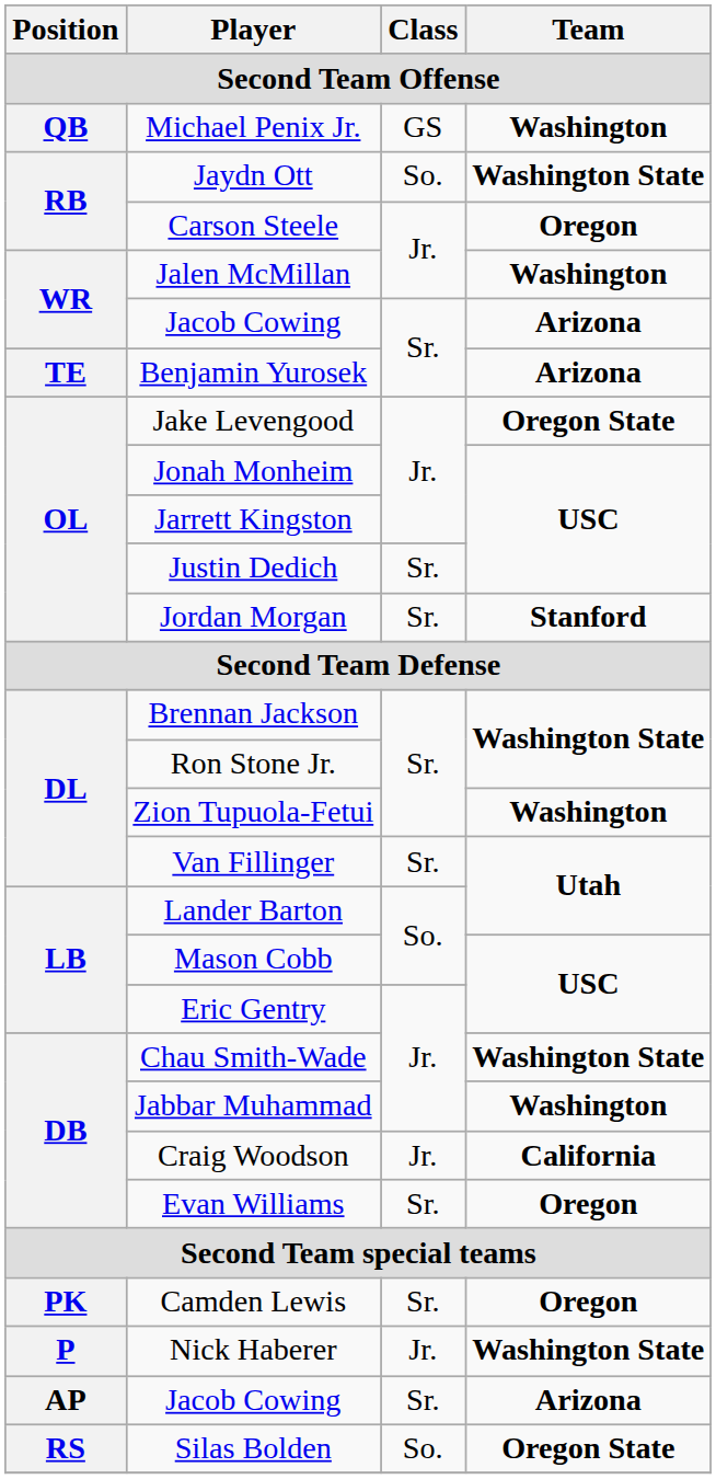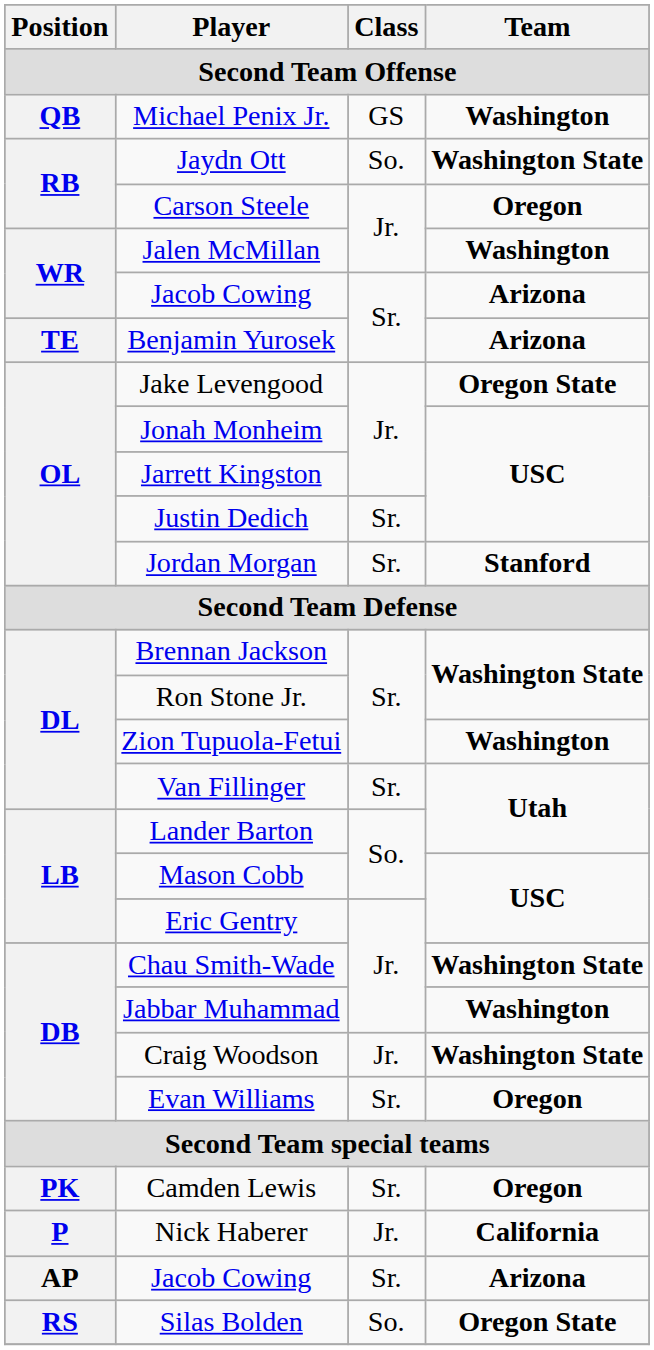 <table class="wikitable">
 <tr>
 <th>Position</th>
 <th>Player</th>
 <th>Class</th>
 <th>Team</th>
 </tr>
 <tr>
 <td colspan="4" style="text-align:center; background:#ddd;"><strong>Second Team Offense</strong></td>
 </tr>
 <tr style="text-align:center;">
 <th rowspan="1"><a href='#'>QB</a></th>
 <td><a href='#'>Michael Penix Jr.</a></td>
 <td>GS</td>
 <td><strong>Washington</strong></td>
 </tr>
 <tr style="text-align:center;">
 <th rowspan="2"><a href='#'>RB</a></th>
 <td><a href='#'>Jaydn Ott</a></td>
 <td>So.</td>
 <td><strong>Washington State</strong></td>
 </tr>
 <tr style="text-align:center;">
 <td><a href='#'>Carson Steele</a></td>
 <td rowspan="2">Jr.</td>
 <td><strong>Oregon</strong></td>
 </tr>
 <tr style="text-align:center;">
 <th rowspan="2"><a href='#'>WR</a></th>
 <td><a href='#'>Jalen McMillan</a></td>
 <td><strong>Washington</strong></td>
 </tr>
 <tr style="text-align:center;">
 <td><a href='#'>Jacob Cowing</a></td>
 <td rowspan="2">Sr.</td>
 <td><strong>Arizona</strong></td>
 </tr>
 <tr style="text-align:center;">
 <th rowspan="1"><a href='#'>TE</a></th>
 <td><a href='#'>Benjamin Yurosek</a></td>
 <td><strong>Arizona</strong></td>
 </tr>
 <tr style="text-align:center;">
 <th rowspan="5"><a href='#'>OL</a></th>
 <td>Jake Levengood</td>
 <td rowspan="3"> Jr.</td>
 <td><strong>Oregon State</strong></td>
 </tr>
 <tr style="text-align:center;">
 <td><a href='#'>Jonah Monheim</a></td>
 <td rowspan="3"><strong>USC</strong></td>
 </tr>
 <tr style="text-align:center;">
 <td><a href='#'>Jarrett Kingston</a></td>
 </tr>
 <tr style="text-align:center;">
 <td><a href='#'>Justin Dedich</a></td>
 <td> Sr.</td>
 </tr>
 <tr style="text-align:center;">
 <td><a href='#'>Jordan Morgan</a></td>
 <td>Sr.</td>
 <td><strong>Stanford</strong></td>
 </tr>
 <tr style="text-align:center;">
 <td colspan="4" style="text-align:center; background:#ddd;"><strong>Second Team Defense</strong></td>
 </tr>
 <tr style="text-align:center;">
 <th rowspan="4"><a href='#'>DL</a></th>
 <td><a href='#'>Brennan Jackson</a></td>
 <td rowspan="3"> Sr.</td>
 <td rowspan="2"><strong>Washington State</strong></td>
 </tr>
 <tr style="text-align:center;">
 <td>Ron Stone Jr.</td>
 </tr>
 <tr style="text-align:center;">
 <td><a href='#'>Zion Tupuola-Fetui</a></td>
 <td><strong>Washington</strong></td>
 </tr>
 <tr style="text-align:center;">
 <td><a href='#'>Van Fillinger</a></td>
 <td>Sr.</td>
 <td rowspan="2"><strong>Utah</strong></td>
 </tr>
 <tr style="text-align:center;">
 <th rowspan="3"><a href='#'>LB</a></th>
 <td><a href='#'>Lander Barton</a></td>
 <td rowspan="2">So.</td>
 </tr>
 <tr style="text-align:center;">
 <td><a href='#'>Mason Cobb</a></td>
 <td rowspan="2"><strong>USC</strong></td>
 </tr>
 <tr style="text-align:center;">
 <td><a href='#'>Eric Gentry</a></td>
 <td rowspan="3">Jr.</td>
 </tr>
 <tr style="text-align:center;">
 <th rowspan="4"><a href='#'>DB</a></th>
 <td><a href='#'>Chau Smith-Wade</a></td>
 <td><strong>Washington State</strong></td>
 </tr>
 <tr style="text-align:center;">
 <td><a href='#'>Jabbar Muhammad</a></td>
 <td><strong>Washington</strong></td>
 </tr>
 <tr style="text-align:center;">
 <td>Craig Woodson</td>
 <td> Jr.</td>
-<td><strong>California</strong></td>
+<td><strong>Washington State</strong></td>
 </tr>
 <tr style="text-align:center;">
 <td><a href='#'>Evan Williams</a></td>
 <td>Sr.</td>
 <td><strong>Oregon</strong></td>
 </tr>
 <tr style="text-align:center;">
 <td colspan="4" style="text-align:center; background:#ddd;"><strong>Second Team special teams</strong></td>
 </tr>
 <tr style="text-align:center;">
 <th rowspan="1"><a href='#'>PK</a></th>
 <td>Camden Lewis</td>
 <td>Sr.</td>
 <td><strong>Oregon</strong></td>
 </tr>
 <tr style="text-align:center;">
 <th rowspan="1"><a href='#'>P</a></th>
 <td>Nick Haberer</td>
 <td>Jr.</td>
-<td><strong>Washington State</strong></td>
+<td><strong>California</strong></td>
 </tr>
 <tr style="text-align:center;">
 <th rowspan="1">AP</th>
 <td><a href='#'>Jacob Cowing</a></td>
 <td>Sr.</td>
 <td><strong>Arizona</strong></td>
 </tr>
 <tr style="text-align:center;">
 <th rowspan="1"><a href='#'>RS</a></th>
 <td><a href='#'>Silas Bolden</a></td>
 <td>So.</td>
 <td><strong>Oregon State</strong></td>
 </tr>
 <tr>
 </tr>
 </table>
